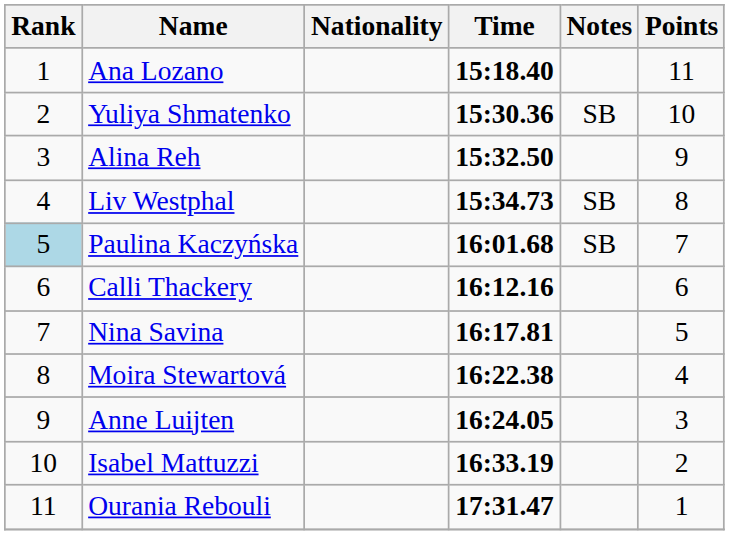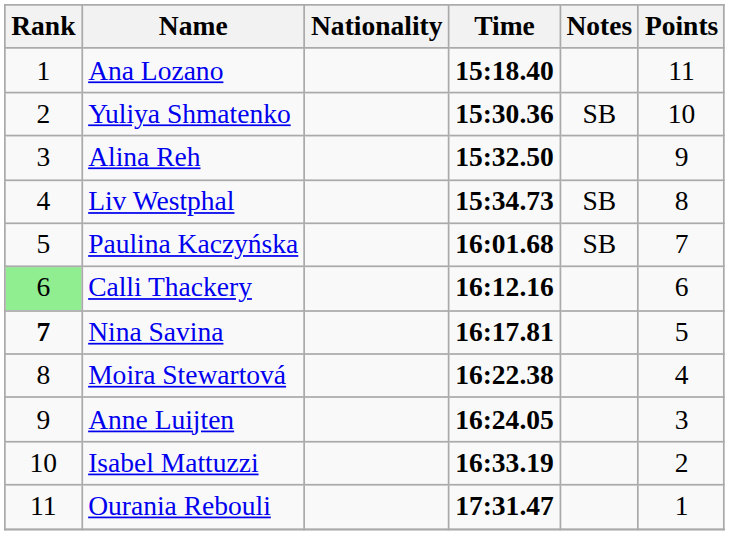 <table class="wikitable sortable" style="text-align:center">
 <tr>
 <th>Rank</th>
 <th>Name</th>
 <th>Nationality</th>
 <th>Time</th>
 <th>Notes</th>
 <th>Points</th>
 </tr>
 <tr>
 <td>1</td>
 <td align=left><a href='#'>Ana Lozano</a></td>
 <td align=left></td>
 <td><strong>15:18.40</strong></td>
 <td></td>
 <td>11</td>
 </tr>
 <tr>
 <td>2</td>
 <td align=left><a href='#'>Yuliya Shmatenko</a></td>
 <td align=left></td>
 <td><strong>15:30.36</strong></td>
 <td>SB</td>
 <td>10</td>
 </tr>
 <tr>
 <td>3</td>
 <td align=left><a href='#'>Alina Reh</a></td>
 <td align=left></td>
 <td><strong>15:32.50</strong></td>
 <td></td>
 <td>9</td>
 </tr>
 <tr>
 <td>4</td>
 <td align=left><a href='#'>Liv Westphal</a></td>
 <td align=left></td>
 <td><strong>15:34.73</strong></td>
 <td>SB</td>
 <td>8</td>
 </tr>
 <tr>
-<td style="background: lightblue;">5</td>
+<td>5</td>
 <td align=left><a href='#'>Paulina Kaczyńska</a></td>
 <td align=left></td>
 <td><strong>16:01.68</strong></td>
 <td>SB</td>
 <td>7</td>
 </tr>
 <tr>
-<td>6</td>
+<td style="background: lightgreen;">6</td>
 <td align=left><a href='#'>Calli Thackery</a></td>
 <td align=left></td>
 <td><strong>16:12.16</strong></td>
 <td></td>
 <td>6</td>
 </tr>
 <tr>
-<td>7</td>
+<td><strong>7</strong></td>
 <td align=left><a href='#'>Nina Savina</a></td>
 <td align=left></td>
 <td><strong>16:17.81</strong></td>
 <td></td>
 <td>5</td>
 </tr>
 <tr>
 <td>8</td>
 <td align=left><a href='#'>Moira Stewartová</a></td>
 <td align=left></td>
 <td><strong>16:22.38</strong></td>
 <td></td>
 <td>4</td>
 </tr>
 <tr>
 <td>9</td>
 <td align=left><a href='#'>Anne Luijten</a></td>
 <td align=left></td>
 <td><strong>16:24.05</strong></td>
 <td></td>
 <td>3</td>
 </tr>
 <tr>
 <td>10</td>
 <td align=left><a href='#'>Isabel Mattuzzi</a></td>
 <td align=left></td>
 <td><strong>16:33.19</strong></td>
 <td></td>
 <td>2</td>
 </tr>
 <tr>
 <td>11</td>
 <td align=left><a href='#'>Ourania Rebouli</a></td>
 <td align=left></td>
 <td><strong>17:31.47</strong></td>
 <td></td>
 <td>1</td>
 </tr>
 <tr>
 </tr>
 </table>
